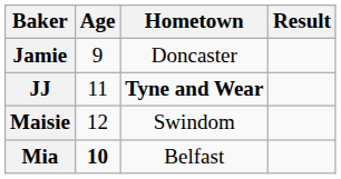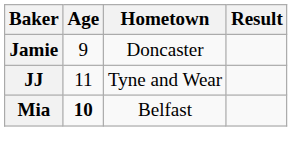 <table class="wikitable sortable" style="display:inline-table; text-align:center">
 <tr>
 <th scope="col">Baker</th>
 <th scope="col">Age</th>
 <th scope="col">Hometown</th>
 <th scope="col">Result</th>
 </tr>
 <tr>
 <th scope="row">Jamie</th>
 <td>9</td>
 <td>Doncaster</td>
 <td></td>
 </tr>
 <tr>
 <th scope="row">JJ</th>
 <td>11</td>
-<td><strong>Tyne and Wear</strong></td>
-<td></td>
-</tr>
-<tr>
-<th scope="row">Maisie</th>
-<td>12</td>
-<td>Swindom</td>
+<td>Tyne and Wear</td>
 <td></td>
 </tr>
 <tr>
 <th scope="row">Mia</th>
 <td><strong>10</strong></td>
 <td>Belfast</td>
 <td></td>
 </tr>
 </table>
